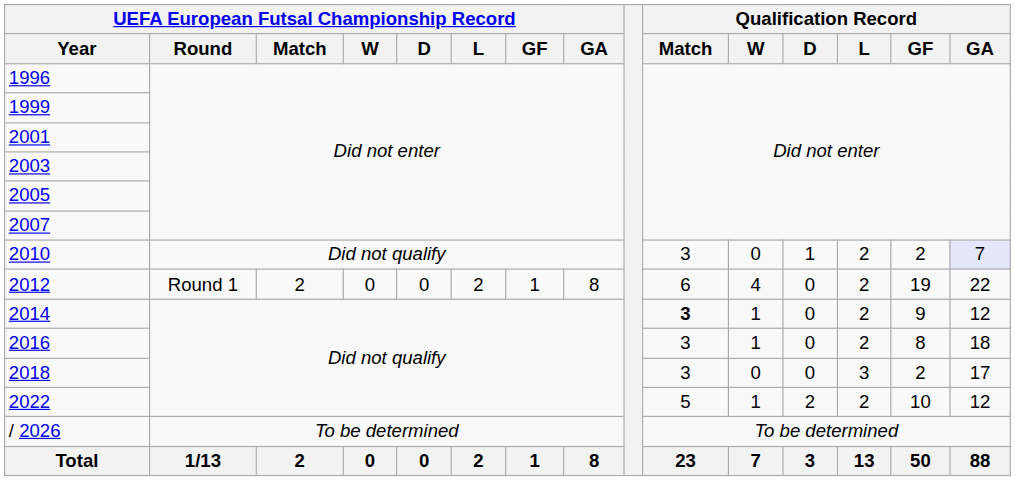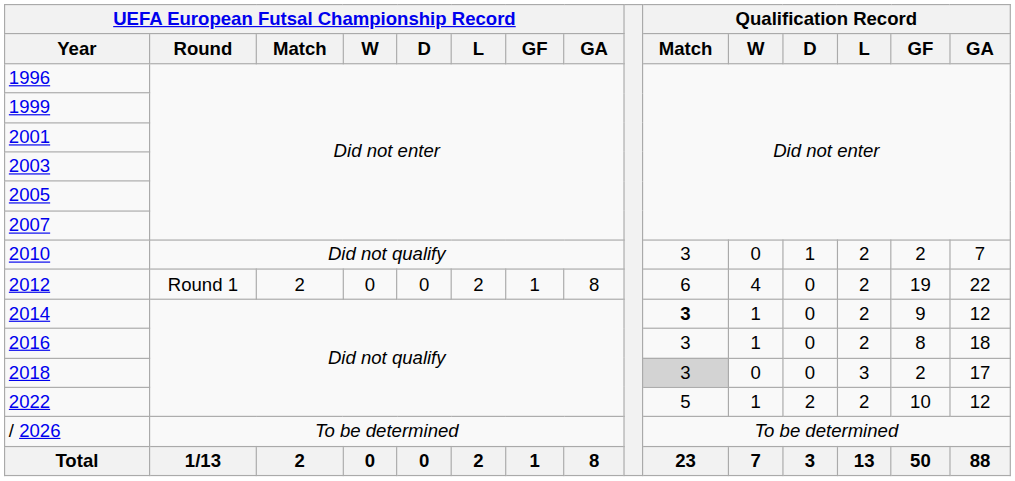 <table class="wikitable" style="text-align: center;font-size:100%;">
 <tr>
 <th colspan=8><a href='#'>UEFA European Futsal Championship Record</a></th>
 <th rowspan=17 width=1%></th>
 <th colspan=7>Qualification Record</th>
 </tr>
 <tr>
 <th width=8%>Year</th>
 <th width=5%>Round</th>
 <th width=3%>Match</th>
 <th width=3%>W</th>
 <th width=3%>D</th>
 <th width=3%>L</th>
 <th width=3%>GF</th>
 <th width=3%>GA</th>
 <th width=3%>Match</th>
 <th width=3%>W</th>
 <th width=3%>D</th>
 <th width=3%>L</th>
 <th width=3%>GF</th>
 <th width=3%>GA</th>
 </tr>
 <tr>
 <td align=left> <a href='#'>1996</a></td>
 <td colspan=7 rowspan=6><em>Did not enter</em></td>
 <td colspan=7 rowspan=6><em>Did not enter</em></td>
 </tr>
 <tr>
 <td align=left> <a href='#'>1999</a></td>
 </tr>
 <tr>
 <td align=left> <a href='#'>2001</a></td>
 </tr>
 <tr>
 <td align=left> <a href='#'>2003</a></td>
 </tr>
 <tr>
 <td align=left> <a href='#'>2005</a></td>
 </tr>
 <tr>
 <td align=left> <a href='#'>2007</a></td>
 </tr>
 <tr>
 <td align=left> <a href='#'>2010</a></td>
 <td colspan=7><em>Did not qualify</em></td>
 <td>3</td>
 <td>0</td>
 <td>1</td>
 <td>2</td>
 <td>2</td>
-<td style="background: lavender;">7</td>
+<td>7</td>
 </tr>
 <tr>
 <td align=left> <a href='#'>2012</a></td>
 <td>Round 1</td>
 <td>2</td>
 <td>0</td>
 <td>0</td>
 <td>2</td>
 <td>1</td>
 <td>8</td>
 <td>6</td>
 <td>4</td>
 <td>0</td>
 <td>2</td>
 <td>19</td>
 <td>22</td>
 </tr>
 <tr>
 <td align=left> <a href='#'>2014</a></td>
 <td colspan=7 rowspan=4><em>Did not qualify</em></td>
 <td><strong>3</strong></td>
 <td>1</td>
 <td>0</td>
 <td>2</td>
 <td>9</td>
 <td>12</td>
 </tr>
 <tr>
 <td align=left> <a href='#'>2016</a></td>
 <td>3</td>
 <td>1</td>
 <td>0</td>
 <td>2</td>
 <td>8</td>
 <td>18</td>
 </tr>
 <tr>
 <td align=left> <a href='#'>2018</a></td>
-<td>3</td>
+<td style="background: lightgrey;">3</td>
 <td>0</td>
 <td>0</td>
 <td>3</td>
 <td>2</td>
 <td>17</td>
 </tr>
 <tr>
 <td align=left> <a href='#'>2022</a></td>
 <td>5</td>
 <td>1</td>
 <td>2</td>
 <td>2</td>
 <td>10</td>
 <td>12</td>
 </tr>
 <tr>
 <td align=left>/ <a href='#'>2026</a></td>
 <td colspan=7><em>To be determined</em></td>
 <td colspan=6><em>To be determined</em></td>
 </tr>
 <tr>
 <th>Total</th>
 <th>1/13</th>
 <th>2</th>
 <th>0</th>
 <th>0</th>
 <th>2</th>
 <th>1</th>
 <th>8</th>
 <th>23</th>
 <th>7</th>
 <th>3</th>
 <th>13</th>
 <th>50</th>
 <th>88</th>
 </tr>
 </table>
